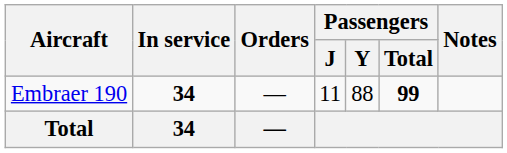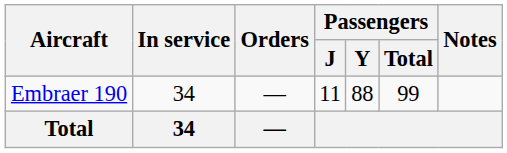 <table class="wikitable" style="margin:0.5em auto; text-align:center">
 <tr>
 <th rowspan="2">Aircraft</th>
 <th rowspan="2">In service</th>
 <th rowspan="2">Orders</th>
 <th colspan="3">Passengers</th>
 <th rowspan="2">Notes</th>
 </tr>
 <tr>
 <th><abbr>J</abbr></th>
 <th><abbr>Y</abbr></th>
 <th>Total</th>
 </tr>
 <tr>
 <td><a href='#'>Embraer 190</a></td>
-<td><strong>34</strong></td>
+<td>34</td>
 <td>—</td>
 <td>11</td>
 <td>88</td>
-<td><strong>99</strong></td>
+<td>99</td>
 <td></td>
 </tr>
 <tr>
 <th>Total</th>
 <th>34</th>
 <th>—</th>
 <th colspan="4"></th>
 </tr>
 </table>
